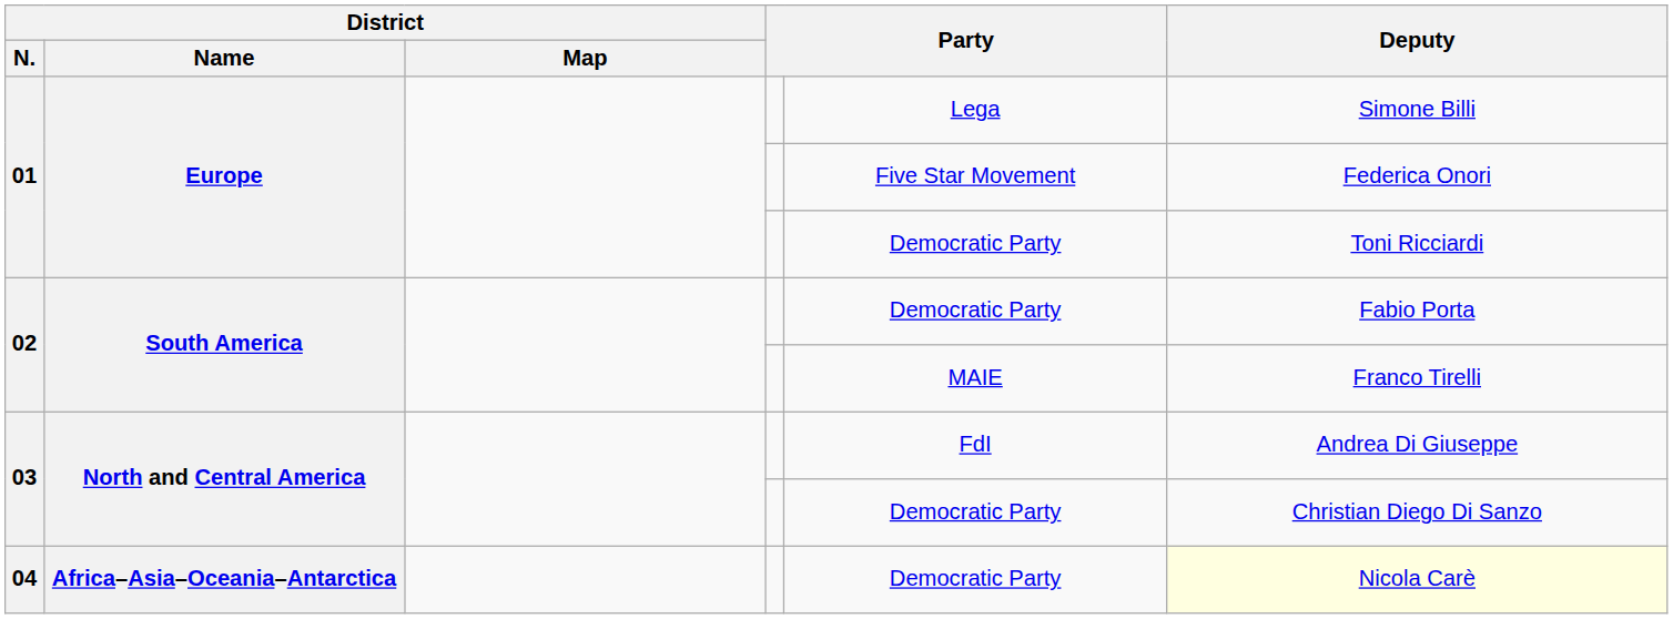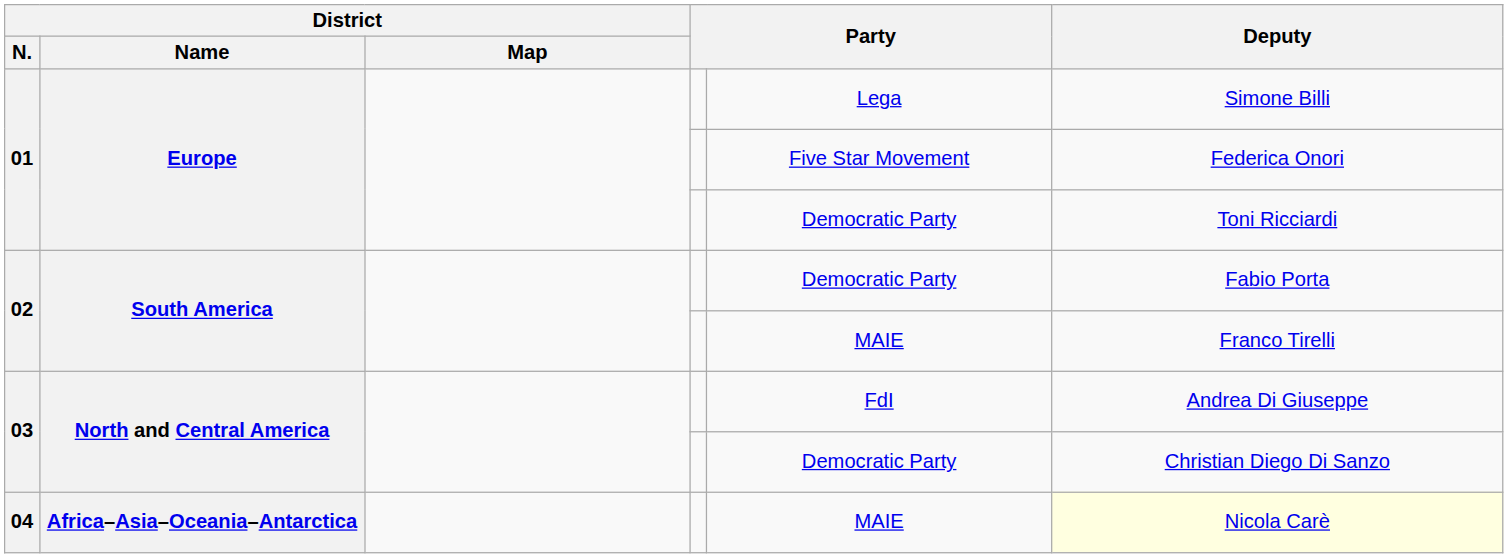 <table class="wikitable" style="text-align:center; style="width=60%">
 <tr>
 <th width=35% colspan="3">District</th>
 <th width=20% colspan="2" rowspan="2">Party</th>
 <th width=25% rowspan="2">Deputy</th>
 </tr>
 <tr>
 <th width=1%>N.</th>
 <th width=18%>Name</th>
 <th width=18%>Map</th>
 </tr>
 <tr style="height:3em;">
 <th rowspan="3">01</th>
 <th rowspan="3"><a href='#'>Europe</a></th>
 <td rowspan="3"></td>
 <td style="background:"></td>
 <td><a href='#'>Lega</a></td>
 <td><a href='#'>Simone Billi</a></td>
 </tr>
 <tr style="height:3em;">
 <td style="background:"></td>
 <td><a href='#'>Five Star Movement</a></td>
 <td><a href='#'>Federica Onori</a></td>
 </tr>
 <tr style="height:3em;">
 <td style="background:"></td>
 <td><a href='#'>Democratic Party</a></td>
 <td><a href='#'>Toni Ricciardi</a></td>
 </tr>
 <tr style="height:3em;">
 <th rowspan="2">02</th>
 <th rowspan="2"><a href='#'>South America</a></th>
 <td rowspan="2"></td>
 <td style="background:"></td>
 <td><a href='#'>Democratic Party</a></td>
 <td><a href='#'>Fabio Porta</a></td>
 </tr>
 <tr style="height:3em;">
 <td style="background:"></td>
 <td><a href='#'>MAIE</a></td>
 <td><a href='#'>Franco Tirelli</a></td>
 </tr>
 <tr style="height:3em;">
 <th rowspan="2">03</th>
 <th rowspan="2"><a href='#'>North</a> and <a href='#'>Central America</a></th>
 <td rowspan="2"></td>
 <td style="background:"></td>
 <td><a href='#'>FdI</a></td>
 <td><a href='#'>Andrea Di Giuseppe</a></td>
 </tr>
 <tr style="height:3em;">
 <td style="background:"></td>
 <td><a href='#'>Democratic Party</a></td>
 <td><a href='#'>Christian Diego Di Sanzo</a></td>
 </tr>
 <tr style="height:3em;">
 <th>04</th>
 <th><a href='#'>Africa</a>–<a href='#'>Asia</a>–<a href='#'>Oceania</a>–<a href='#'>Antarctica</a></th>
 <td></td>
 <td style="background:"></td>
-<td><a href='#'>Democratic Party</a></td>
+<td><a href='#'>MAIE</a></td>
 <td style="background: lightyellow;"><a href='#'>Nicola Carè</a></td>
 </tr>
 </table>
